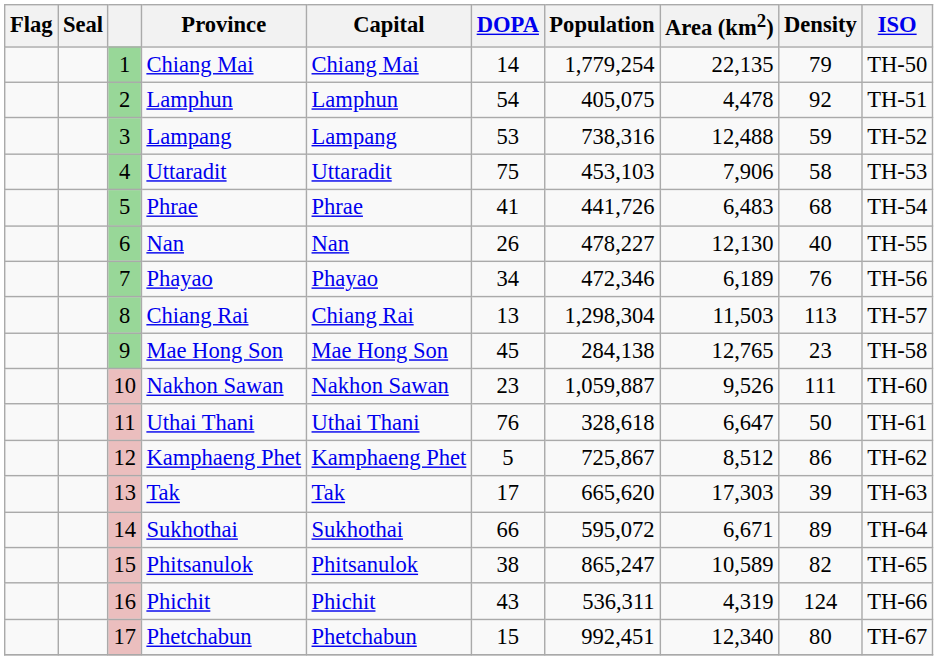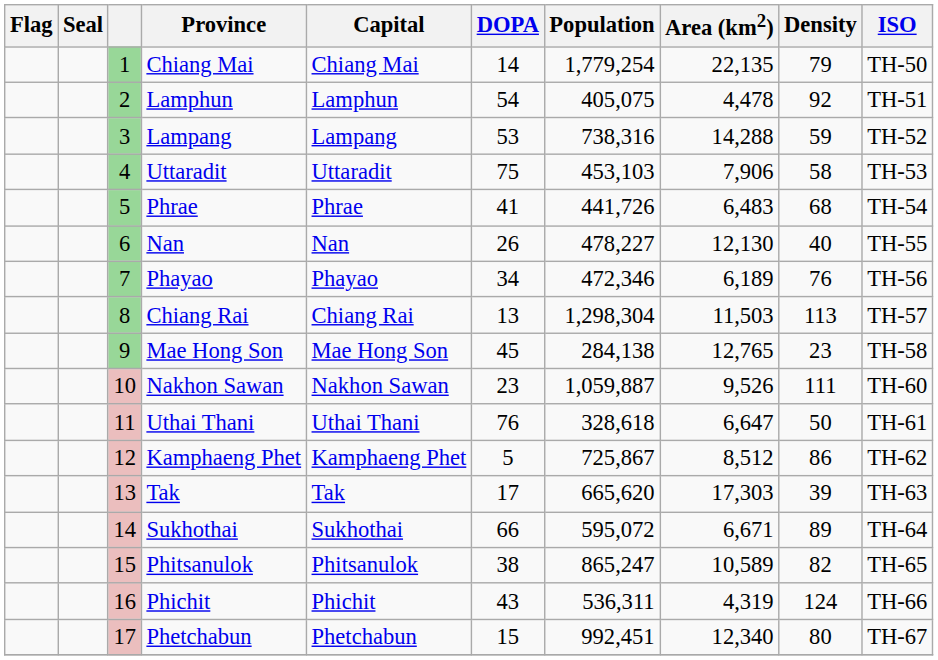 <table class="wikitable sortable">
 <tr>
 <th class="unsortable">Flag</th>
 <th class="unsortable">Seal</th>
 <th></th>
 <th>Province</th>
 <th>Capital</th>
 <th><a href='#'>DOPA</a></th>
 <th>Population</th>
 <th>Area (km<sup>2</sup>)</th>
 <th>Density</th>
 <th><a href='#'>ISO</a></th>
 </tr>
 <tr>
 <td></td>
 <td></td>
 <td style="background:#98d798;text-align:center;">1</td>
 <td><a href='#'>Chiang Mai</a></td>
 <td><a href='#'>Chiang Mai</a></td>
 <td style="text-align:center;">14</td>
 <td style="text-align:right;">1,779,254</td>
 <td style="text-align:right;">22,135</td>
 <td style="text-align:center;">79</td>
 <td>TH-50</td>
 </tr>
 <tr>
 <td></td>
 <td></td>
 <td style="background:#98d798;text-align:center;">2</td>
 <td><a href='#'>Lamphun</a></td>
 <td><a href='#'>Lamphun</a></td>
 <td style="text-align:center;">54</td>
 <td style="text-align:right;">405,075</td>
 <td style="text-align:right;">4,478</td>
 <td style="text-align:center;">92</td>
 <td>TH-51</td>
 </tr>
 <tr>
 <td></td>
 <td></td>
 <td style="background:#98d798;text-align:center;">3</td>
 <td><a href='#'>Lampang</a></td>
 <td><a href='#'>Lampang</a></td>
 <td style="text-align:center;">53</td>
 <td style="text-align:right;">738,316</td>
-<td style="text-align:right;">12,488</td>
+<td style="text-align:right;">14,288</td>
 <td style="text-align:center;">59</td>
 <td>TH-52</td>
 </tr>
 <tr>
 <td></td>
 <td></td>
 <td style="background:#98d798;text-align:center;">4</td>
 <td><a href='#'>Uttaradit</a></td>
 <td><a href='#'>Uttaradit</a></td>
 <td style="text-align:center;">75</td>
 <td style="text-align:right;">453,103</td>
 <td style="text-align:right;">7,906</td>
 <td style="text-align:center;">58</td>
 <td>TH-53</td>
 </tr>
 <tr>
 <td></td>
 <td></td>
 <td style="background:#98d798;text-align:center;">5</td>
 <td><a href='#'>Phrae</a></td>
 <td><a href='#'>Phrae</a></td>
 <td style="text-align:center;">41</td>
 <td style="text-align:right;">441,726</td>
 <td style="text-align:right;">6,483</td>
 <td style="text-align:center;">68</td>
 <td>TH-54</td>
 </tr>
 <tr>
 <td></td>
 <td></td>
 <td style="background:#98d798;text-align:center;">6</td>
 <td><a href='#'>Nan</a></td>
 <td><a href='#'>Nan</a></td>
 <td style="text-align:center;">26</td>
 <td style="text-align:right;">478,227</td>
 <td style="text-align:right;">12,130</td>
 <td style="text-align:center;">40</td>
 <td>TH-55</td>
 </tr>
 <tr>
 <td></td>
 <td></td>
 <td style="background:#98d798;text-align:center;">7</td>
 <td><a href='#'>Phayao</a></td>
 <td><a href='#'>Phayao</a></td>
 <td style="text-align:center;">34</td>
 <td style="text-align:right;">472,346</td>
 <td style="text-align:right;">6,189</td>
 <td style="text-align:center;">76</td>
 <td>TH-56</td>
 </tr>
 <tr>
 <td></td>
 <td></td>
 <td style="background:#98d798;text-align:center;">8</td>
 <td><a href='#'>Chiang Rai</a></td>
 <td><a href='#'>Chiang Rai</a></td>
 <td style="text-align:center;">13</td>
 <td style="text-align:right;">1,298,304</td>
 <td style="text-align:right;">11,503</td>
 <td style="text-align:center;">113</td>
 <td>TH-57</td>
 </tr>
 <tr>
 <td></td>
 <td></td>
 <td style="background:#98d798;text-align:center;">9</td>
 <td><a href='#'>Mae Hong Son</a></td>
 <td><a href='#'>Mae Hong Son</a></td>
 <td style="text-align:center;">45</td>
 <td style="text-align:right;">284,138</td>
 <td style="text-align:right;">12,765</td>
 <td style="text-align:center;">23</td>
 <td>TH-58</td>
 </tr>
 <tr>
 <td></td>
 <td></td>
 <td style="background:#ebbebe;text-align:center;">10</td>
 <td><a href='#'>Nakhon Sawan</a></td>
 <td><a href='#'>Nakhon Sawan</a></td>
 <td style="text-align:center;">23</td>
 <td style="text-align:right;">1,059,887</td>
 <td style="text-align:right;">9,526</td>
 <td style="text-align:center;">111</td>
 <td>TH-60</td>
 </tr>
 <tr>
 <td></td>
 <td></td>
 <td style="background:#ebbebe;text-align:center;">11</td>
 <td><a href='#'>Uthai Thani</a></td>
 <td><a href='#'>Uthai Thani</a></td>
 <td style="text-align:center;">76</td>
 <td style="text-align:right;">328,618</td>
 <td style="text-align:right;">6,647</td>
 <td style="text-align:center;">50</td>
 <td>TH-61</td>
 </tr>
 <tr>
 <td></td>
 <td></td>
 <td style="background:#ebbebe;text-align:center;">12</td>
 <td><a href='#'>Kamphaeng Phet</a></td>
 <td><a href='#'>Kamphaeng Phet</a></td>
 <td style="text-align:center;">5</td>
 <td style="text-align:right;">725,867</td>
 <td style="text-align:right;">8,512</td>
 <td style="text-align:center;">86</td>
 <td>TH-62</td>
 </tr>
 <tr>
 <td></td>
 <td></td>
 <td style="background:#ebbebe;text-align:center;">13</td>
 <td><a href='#'>Tak</a></td>
 <td><a href='#'>Tak</a></td>
 <td style="text-align:center;">17</td>
 <td style="text-align:right;">665,620</td>
 <td style="text-align:right;">17,303</td>
 <td style="text-align:center;">39</td>
 <td>TH-63</td>
 </tr>
 <tr>
 <td></td>
 <td></td>
 <td style="background:#ebbebe; text-align:center;">14</td>
 <td><a href='#'>Sukhothai</a></td>
 <td><a href='#'>Sukhothai</a></td>
 <td style="text-align:center;">66</td>
 <td style="text-align:right;">595,072</td>
 <td style="text-align:right;">6,671</td>
 <td style="text-align:center;">89</td>
 <td>TH-64</td>
 </tr>
 <tr>
 <td></td>
 <td></td>
 <td style="background:#ebbebe;text-align:center;">15</td>
 <td><a href='#'>Phitsanulok</a></td>
 <td><a href='#'>Phitsanulok</a></td>
 <td style="text-align:center;">38</td>
 <td style="text-align:right;">865,247</td>
 <td style="text-align:right;">10,589</td>
 <td style="text-align:center;">82</td>
 <td>TH-65</td>
 </tr>
 <tr>
 <td></td>
 <td></td>
 <td style="background:#ebbebe; text-align:center;">16</td>
 <td><a href='#'>Phichit</a></td>
 <td><a href='#'>Phichit</a></td>
 <td style="text-align:center;">43</td>
 <td style="text-align:right;">536,311</td>
 <td style="text-align:right;">4,319</td>
 <td style="text-align:center;">124</td>
 <td>TH-66</td>
 </tr>
 <tr>
 <td></td>
 <td></td>
 <td style="background:#ebbebe;text-align:center;">17</td>
 <td><a href='#'>Phetchabun</a></td>
 <td><a href='#'>Phetchabun</a></td>
 <td style="text-align:center;">15</td>
 <td style="text-align:right;">992,451</td>
 <td style="text-align:right;">12,340</td>
 <td style="text-align:center;">80</td>
 <td>TH-67</td>
 </tr>
 <tr>
 </tr>
 </table>
